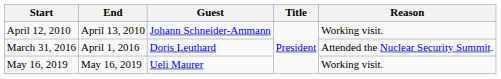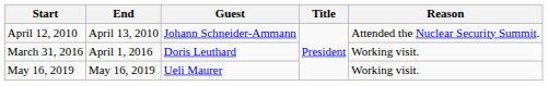 <table class="wikitable sortable">
 <tr>
 <th>Start</th>
 <th>End</th>
 <th>Guest</th>
 <th>Title</th>
 <th>Reason</th>
 </tr>
 <tr>
 <td>April 12, 2010</td>
 <td>April 13, 2010</td>
 <td><a href='#'>Johann Schneider-Ammann</a></td>
 <td rowspan=3><a href='#'>President</a></td>
-<td>Working visit.</td>
+<td>Attended the <a href='#'>Nuclear Security Summit</a>.</td>
 </tr>
 <tr>
 <td>March 31, 2016</td>
 <td>April 1, 2016</td>
 <td><a href='#'>Doris Leuthard</a></td>
-<td>Attended the <a href='#'>Nuclear Security Summit</a>.</td>
+<td>Working visit.</td>
 </tr>
 <tr>
 <td>May 16, 2019</td>
 <td>May 16, 2019</td>
 <td><a href='#'>Ueli Maurer</a></td>
 <td>Working visit.</td>
 </tr>
 </table>
